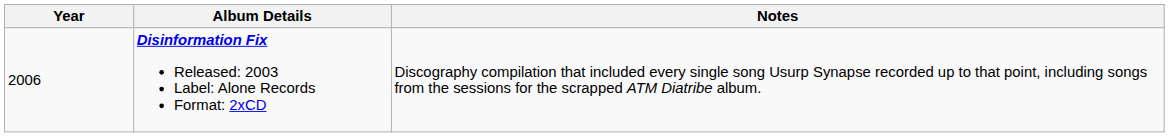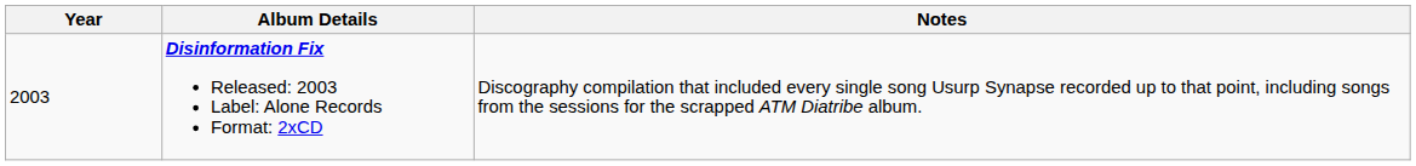 <table class ="wikitable">
 <tr>
 <th style="width: 5%">Year</th>
 <th style="width:10%">Album Details</th>
 <th style="width:30%">Notes</th>
 </tr>
 <tr>
-<td>2006</td>
+<td>2003</td>
 <td><strong><em><a href='#'>Disinformation Fix</a></em></strong><br><ul><li>Released: 2003</li><li>Label: Alone Records</li><li>Format: <a href='#'>2xCD</a></li></ul></td>
 <td>Discography compilation that included every single song Usurp Synapse recorded up to that point, including songs from the sessions for the scrapped <em>ATM Diatribe</em> album.</td>
 </tr>
 </table>
